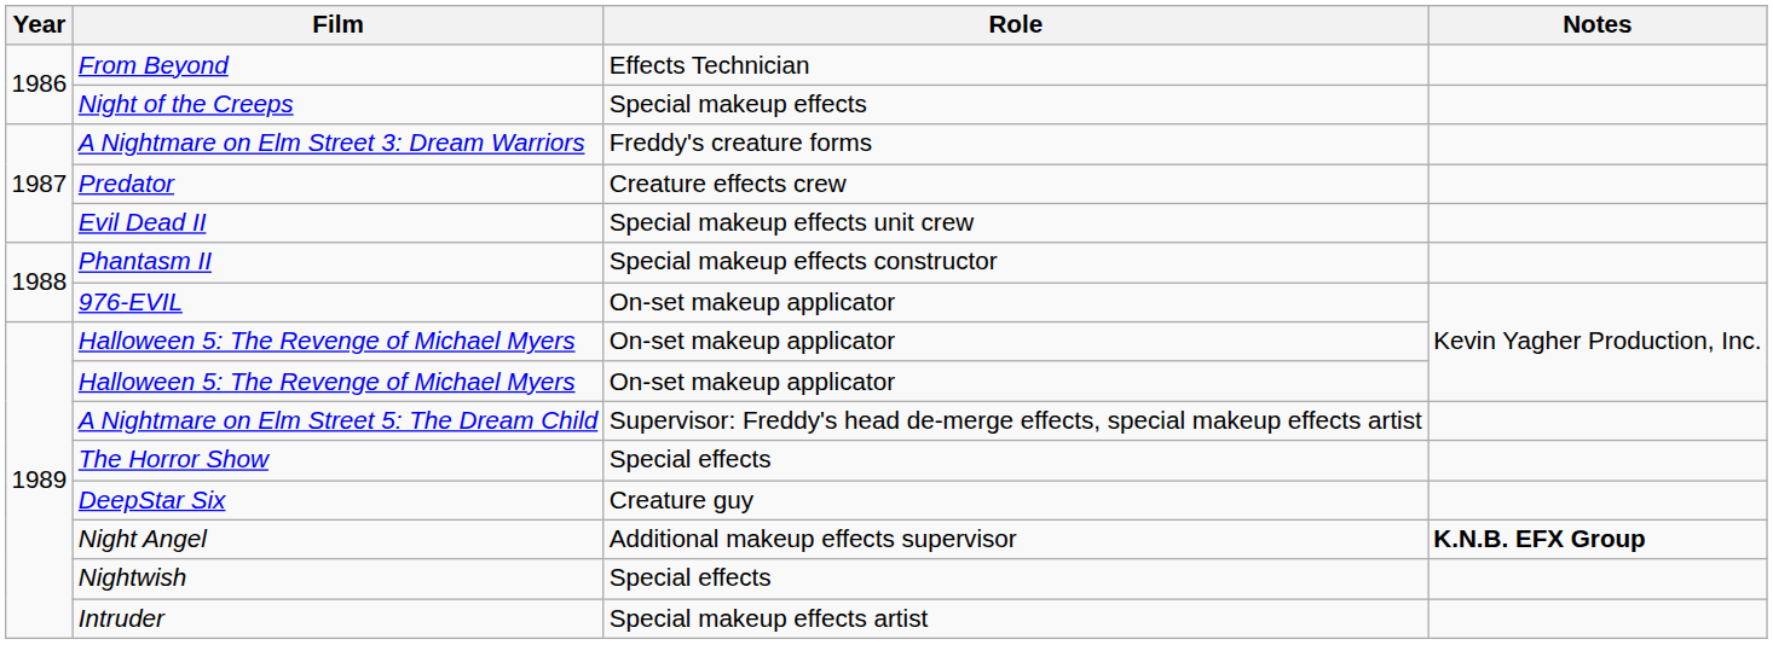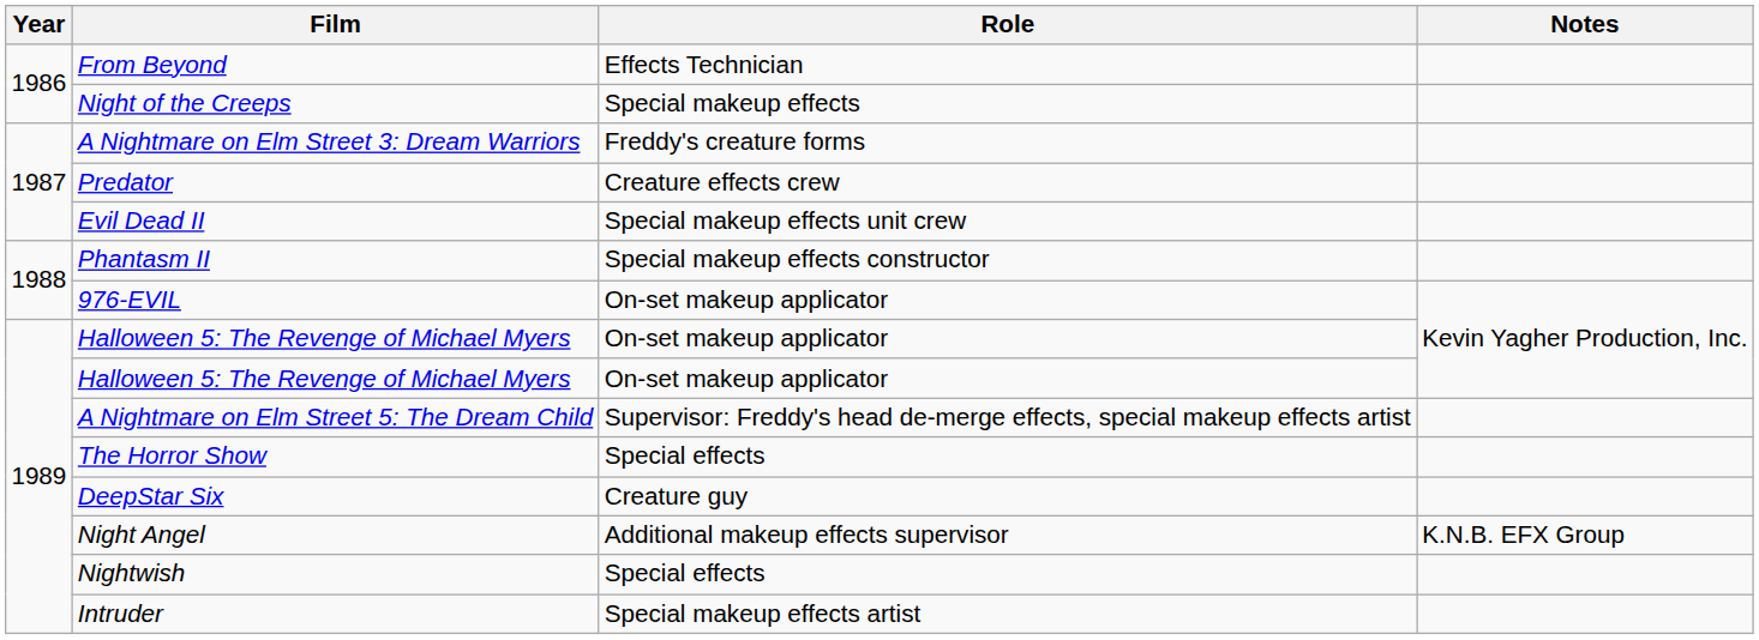 <table class="wikitable sortable" style=text-align:left>
 <tr>
 <th scope="col">Year</th>
 <th scope="col">Film</th>
 <th scope="col">Role</th>
 <th scope="col">Notes</th>
 </tr>
 <tr>
 <td rowspan="2">1986</td>
 <td><em><a href='#'>From Beyond</a></em></td>
 <td>Effects Technician</td>
 <td></td>
 </tr>
 <tr>
 <td><em><a href='#'>Night of the Creeps</a></em></td>
 <td>Special makeup effects</td>
 <td></td>
 </tr>
 <tr>
 <td rowspan="3">1987</td>
 <td><em><a href='#'>A Nightmare on Elm Street 3: Dream Warriors</a></em></td>
 <td>Freddy's creature forms</td>
 <td></td>
 </tr>
 <tr>
 <td><em><a href='#'>Predator</a></em></td>
 <td>Creature effects crew</td>
 <td></td>
 </tr>
 <tr>
 <td><em><a href='#'>Evil Dead II</a></em></td>
 <td>Special makeup effects unit crew</td>
 <td></td>
 </tr>
 <tr>
 <td rowspan="2">1988</td>
 <td><em><a href='#'>Phantasm II</a></em></td>
 <td>Special makeup effects constructor</td>
 <td></td>
 </tr>
 <tr>
 <td><em><a href='#'>976-EVIL</a></em></td>
 <td>On-set makeup applicator</td>
 <td rowspan="3">Kevin Yagher Production, Inc.</td>
 </tr>
 <tr>
 <td rowspan="8">1989</td>
 <td><em><a href='#'>Halloween 5: The Revenge of Michael Myers</a></em></td>
 <td>On-set makeup applicator</td>
 </tr>
 <tr>
 <td><em><a href='#'>Halloween 5: The Revenge of Michael Myers</a></em></td>
 <td>On-set makeup applicator</td>
 </tr>
 <tr>
 <td><em><a href='#'>A Nightmare on Elm Street 5: The Dream Child</a></em></td>
 <td>Supervisor: Freddy's head de-merge effects, special makeup effects artist</td>
 <td></td>
 </tr>
 <tr>
 <td><em><a href='#'>The Horror Show</a></em></td>
 <td>Special effects</td>
 <td></td>
 </tr>
 <tr>
 <td><em><a href='#'>DeepStar Six</a></em></td>
 <td>Creature guy</td>
 <td></td>
 </tr>
 <tr>
 <td><em>Night Angel</em></td>
 <td>Additional makeup effects supervisor</td>
-<td><strong>K.N.B. EFX Group</strong></td>
+<td>K.N.B. EFX Group</td>
 </tr>
 <tr>
 <td><em>Nightwish</em></td>
 <td>Special effects</td>
 <td></td>
 </tr>
 <tr>
 <td><em>Intruder</em></td>
 <td>Special makeup effects artist</td>
 <td></td>
 </tr>
 </table>
